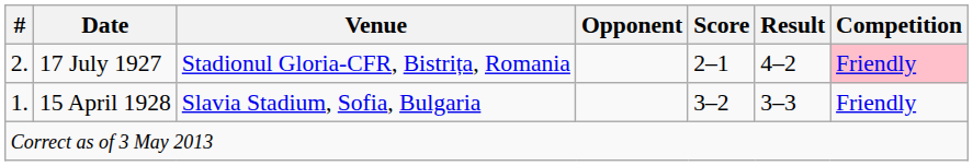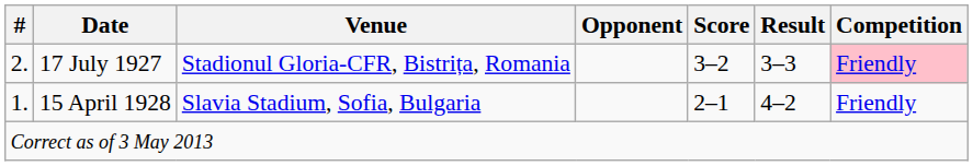 <table class="wikitable" style="font-size:95%;">
 <tr>
 <th>#</th>
 <th>Date</th>
 <th>Venue</th>
 <th>Opponent</th>
 <th>Score</th>
 <th>Result</th>
 <th>Competition</th>
 </tr>
 <tr>
 <td>2.</td>
 <td>17 July 1927</td>
 <td><a href='#'>Stadionul Gloria-CFR</a>, <a href='#'>Bistrița</a>, <a href='#'>Romania</a></td>
 <td></td>
-<td>2–1</td>
-<td>4–2</td>
+<td>3–2</td>
+<td>3–3</td>
 <td style="background: pink;"><a href='#'>Friendly</a></td>
 </tr>
 <tr>
 <td>1.</td>
 <td>15 April 1928</td>
 <td><a href='#'>Slavia Stadium</a>, <a href='#'>Sofia</a>, <a href='#'>Bulgaria</a></td>
 <td></td>
-<td>3–2</td>
-<td>3–3</td>
+<td>2–1</td>
+<td>4–2</td>
 <td><a href='#'>Friendly</a></td>
 </tr>
 <tr>
 <td colspan="12"><small><em>Correct as of 3 May 2013</em></small></td>
 </tr>
 </table>
